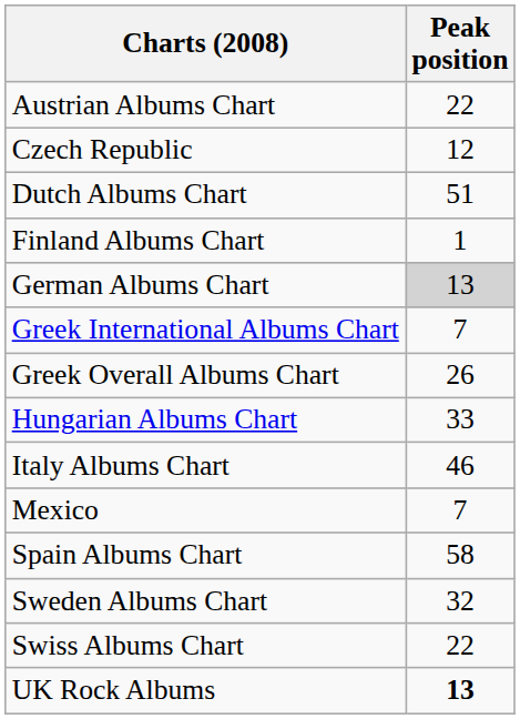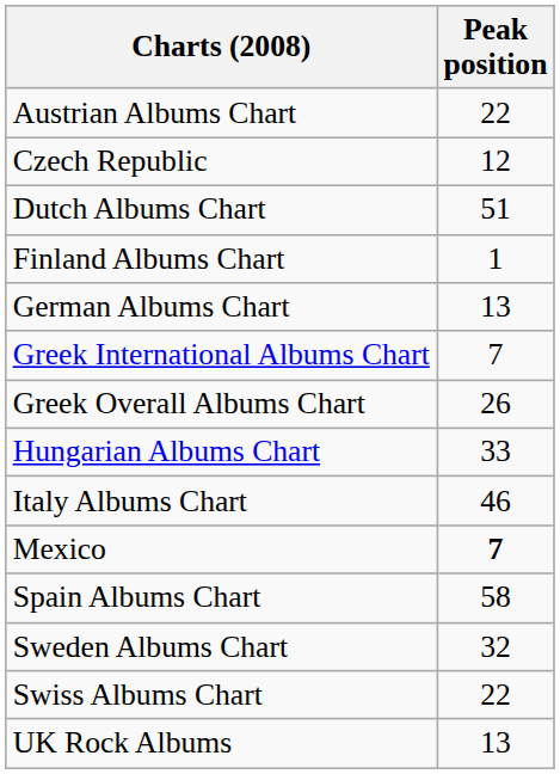 <table class="wikitable sortable">
 <tr>
 <th align="left">Charts (2008)</th>
 <th align="left">Peak<br>position</th>
 </tr>
 <tr>
 <td align="left">Austrian Albums Chart</td>
 <td style="text-align:center;">22</td>
 </tr>
 <tr>
 <td align="left">Czech Republic</td>
 <td style="text-align:center;">12</td>
 </tr>
 <tr>
 <td align="left">Dutch Albums Chart</td>
 <td style="text-align:center;">51</td>
 </tr>
 <tr>
 <td align="left">Finland Albums Chart</td>
 <td style="text-align:center;">1</td>
 </tr>
 <tr>
 <td align="left">German Albums Chart</td>
-<td style="background: lightgrey; text-align:center;">13</td>
+<td style="text-align:center;">13</td>
 </tr>
 <tr>
 <td align="left"><a href='#'>Greek International Albums Chart</a></td>
 <td style="text-align:center;">7</td>
 </tr>
 <tr>
 <td align="left">Greek Overall Albums Chart</td>
 <td style="text-align:center;">26</td>
 </tr>
 <tr>
 <td align="left"><a href='#'>Hungarian Albums Chart</a></td>
 <td align="center">33</td>
 </tr>
 <tr>
 <td align="left">Italy Albums Chart</td>
 <td style="text-align:center;">46</td>
 </tr>
 <tr>
 <td align="left">Mexico</td>
-<td style="text-align:center;">7</td>
+<td style="text-align:center;"><strong>7</strong></td>
 </tr>
 <tr>
 <td align="left">Spain Albums Chart</td>
 <td style="text-align:center;">58</td>
 </tr>
 <tr>
 <td align="left">Sweden Albums Chart</td>
 <td style="text-align:center;">32</td>
 </tr>
 <tr>
 <td align="left">Swiss Albums Chart</td>
 <td style="text-align:center;">22</td>
 </tr>
 <tr>
 <td align="left">UK Rock Albums</td>
-<td style="text-align:center;"><strong>13</strong></td>
+<td style="text-align:center;">13</td>
 </tr>
 </table>
